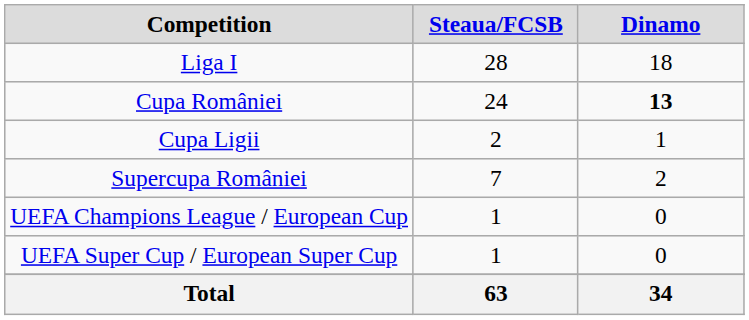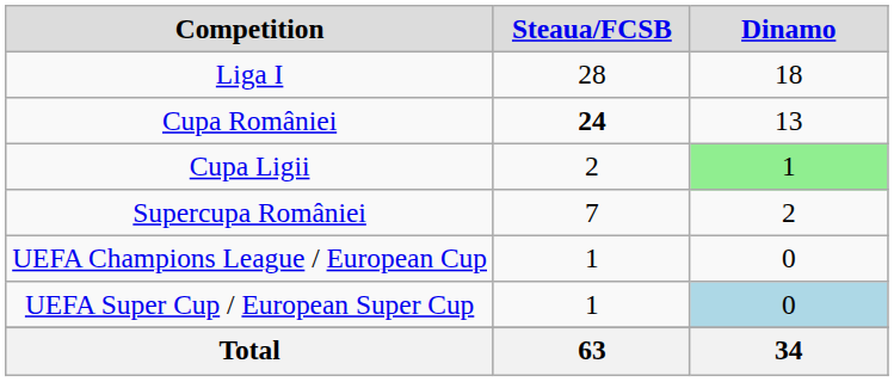 <table class="wikitable" style="text-align:center;font-size:95%">
 <tr>
 <th style="background:#DCDCDC">Competition</th>
 <th width="100" style="background:#DCDCDC"><a href='#'>Steaua/FCSB</a></th>
 <th width="100" style="background:#DCDCDC"><a href='#'>Dinamo</a></th>
 </tr>
 <tr>
 <td><a href='#'>Liga I</a></td>
 <td>28</td>
 <td>18</td>
 </tr>
 <tr>
 <td><a href='#'>Cupa României</a></td>
-<td>24</td>
-<td><strong>13</strong></td>
+<td><strong>24</strong></td>
+<td>13</td>
 </tr>
 <tr>
 <td><a href='#'>Cupa Ligii</a></td>
 <td>2</td>
-<td>1</td>
+<td style="background: lightgreen;">1</td>
 </tr>
 <tr>
 <td><a href='#'>Supercupa României</a></td>
 <td>7</td>
 <td>2</td>
 </tr>
 <tr>
 <td><a href='#'>UEFA Champions League</a> / <a href='#'>European Cup</a></td>
 <td>1</td>
 <td>0</td>
 </tr>
 <tr>
 <td><a href='#'>UEFA Super Cup</a> / <a href='#'>European Super Cup</a></td>
 <td>1</td>
-<td>0</td>
+<td style="background: lightblue;">0</td>
 </tr>
 <tr>
 </tr>
 <tr class="sortbottom">
 <th>Total</th>
 <th>63</th>
 <th>34</th>
 </tr>
 </table>
